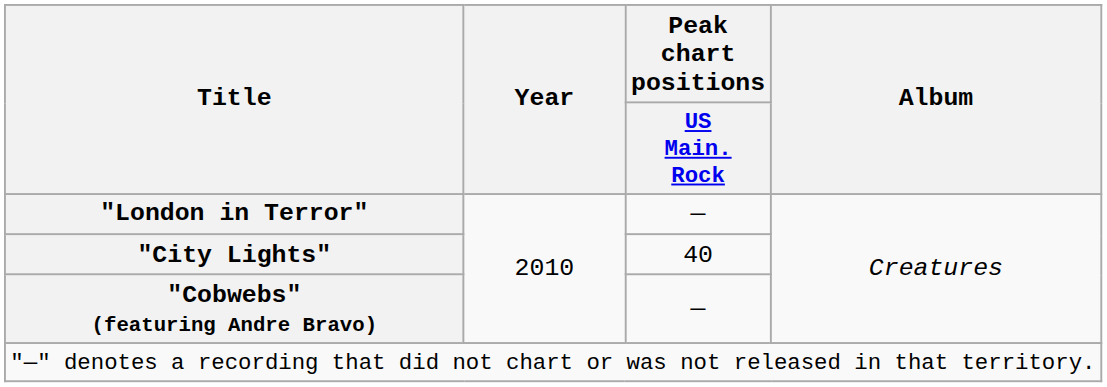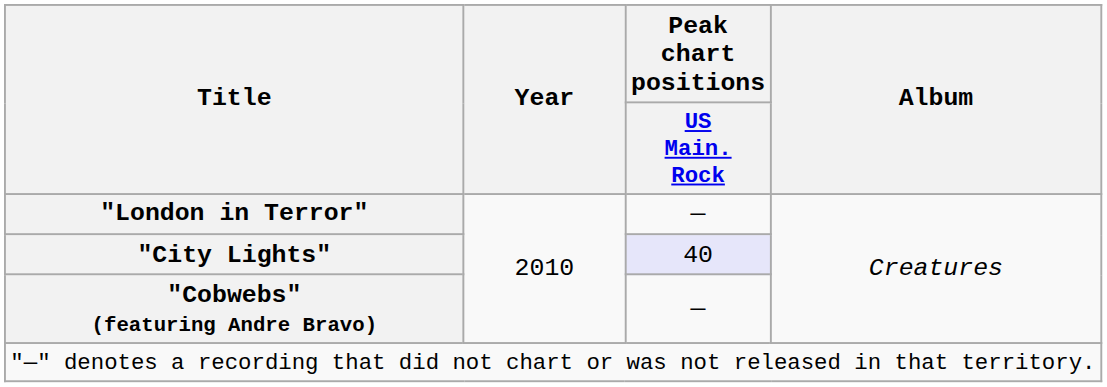 <table class="wikitable plainrowheaders" style="text-align:center;">
 <tr>
 <th scope="col" rowspan="2" style="width:18em;">Title</th>
 <th scope="col" rowspan="2">Year</th>
 <th scope="col">Peak chart positions</th>
 <th scope="col" rowspan="2">Album</th>
 </tr>
 <tr>
 <th scope="col" style="width:3em;font-size:90%;"><a href='#'>US<br>Main.<br>Rock</a></th>
 </tr>
 <tr>
 <th scope="row">"London in Terror"</th>
 <td rowspan="3">2010</td>
 <td>—</td>
 <td rowspan="3"><em>Creatures</em></td>
 </tr>
 <tr>
 <th scope="row">"City Lights"</th>
-<td>40</td>
+<td style="background: lavender;">40</td>
 </tr>
 <tr>
 <th scope="row">"Cobwebs"<br><small>(featuring Andre Bravo)</small></th>
 <td>—</td>
 </tr>
 <tr>
 <td colspan="6" style="font-size:90%">"—" denotes a recording that did not chart or was not released in that territory.</td>
 </tr>
 </table>
